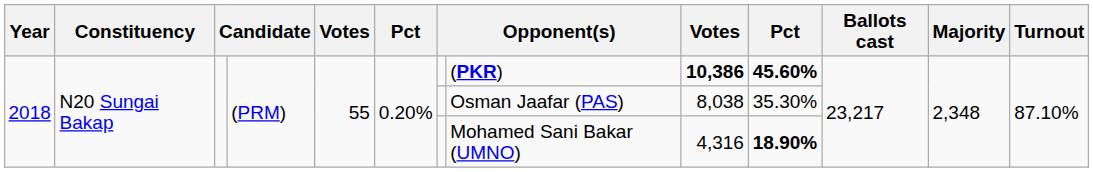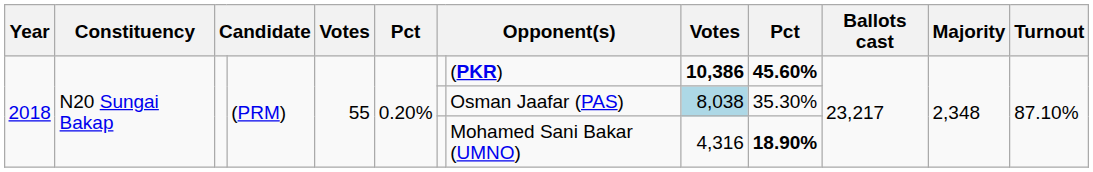 <table class="wikitable" style="margin:0.5em ; font-size:95%">
 <tr>
 <th>Year</th>
 <th>Constituency</th>
 <th colspan=2>Candidate</th>
 <th>Votes</th>
 <th>Pct</th>
 <th colspan=2>Opponent(s)</th>
 <th>Votes</th>
 <th>Pct</th>
 <th>Ballots cast</th>
 <th>Majority</th>
 <th>Turnout</th>
 </tr>
 <tr>
 <td rowspan=3><a href='#'>2018</a></td>
 <td rowspan=3>N20 <a href='#'>Sungai Bakap</a></td>
 <td rowspan=3 bgcolor=></td>
 <td rowspan=3> (<a href='#'>PRM</a>)</td>
 <td rowspan=3 align=right>55</td>
 <td rowspan=3 align=right>0.20%</td>
 <td></td>
 <td> (<a href='#'><strong>PKR</strong></a>)</td>
 <td align=right><strong>10,386</strong></td>
 <td><strong>45.60%</strong></td>
 <td rowspan=3>23,217</td>
 <td rowspan=3>2,348</td>
 <td rowspan=3>87.10%</td>
 </tr>
 <tr>
 <td></td>
 <td>Osman Jaafar (<a href='#'>PAS</a>)</td>
-<td align=right>8,038</td>
+<td align=right style="background: lightblue;">8,038</td>
 <td>35.30%</td>
 </tr>
 <tr>
 <td></td>
 <td>Mohamed Sani Bakar (<a href='#'>UMNO</a>)</td>
 <td align=right>4,316</td>
 <td><strong>18.90%</strong></td>
 </tr>
 </table>
